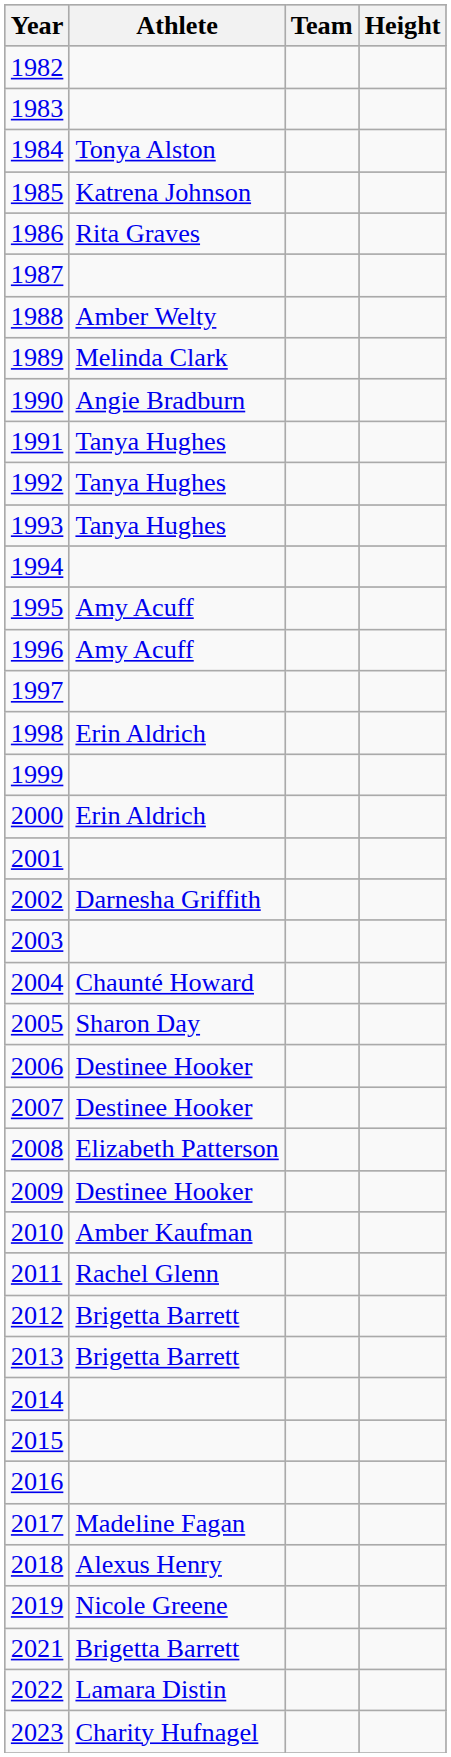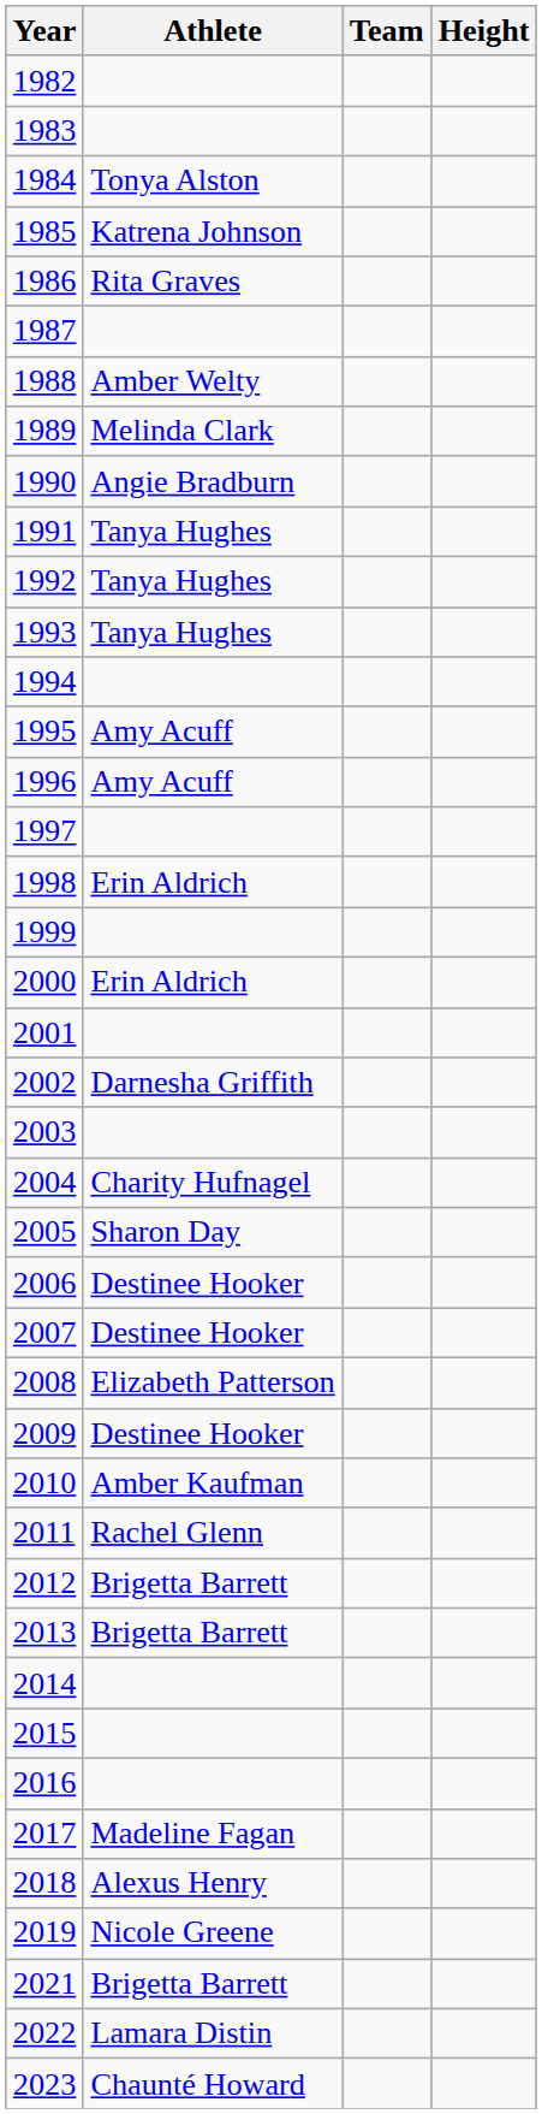 <table class="wikitable sortable">
 <tr>
 <th>Year</th>
 <th>Athlete</th>
 <th>Team</th>
 <th>Height</th>
 </tr>
 <tr>
 <td><a href='#'>1982</a></td>
 <td></td>
 <td></td>
 <td></td>
 </tr>
 <tr>
 <td><a href='#'>1983</a></td>
 <td></td>
 <td></td>
 <td></td>
 </tr>
 <tr>
 <td><a href='#'>1984</a></td>
 <td><a href='#'>Tonya Alston</a></td>
 <td></td>
 <td></td>
 </tr>
 <tr>
 <td><a href='#'>1985</a></td>
 <td><a href='#'>Katrena Johnson</a></td>
 <td></td>
 <td></td>
 </tr>
 <tr>
 <td><a href='#'>1986</a></td>
 <td><a href='#'>Rita Graves</a></td>
 <td></td>
 <td></td>
 </tr>
 <tr>
 <td><a href='#'>1987</a></td>
 <td></td>
 <td></td>
 <td></td>
 </tr>
 <tr>
 <td><a href='#'>1988</a></td>
 <td><a href='#'>Amber Welty</a></td>
 <td></td>
 <td></td>
 </tr>
 <tr>
 <td><a href='#'>1989</a></td>
 <td><a href='#'>Melinda Clark</a></td>
 <td></td>
 <td></td>
 </tr>
 <tr>
 <td><a href='#'>1990</a></td>
 <td><a href='#'>Angie Bradburn</a></td>
 <td></td>
 <td></td>
 </tr>
 <tr>
 <td><a href='#'>1991</a></td>
 <td><a href='#'>Tanya Hughes</a></td>
 <td></td>
 <td></td>
 </tr>
 <tr>
 <td><a href='#'>1992</a></td>
 <td><a href='#'>Tanya Hughes</a></td>
 <td></td>
 <td></td>
 </tr>
 <tr>
 <td><a href='#'>1993</a></td>
 <td><a href='#'>Tanya Hughes</a></td>
 <td></td>
 <td></td>
 </tr>
 <tr>
 <td><a href='#'>1994</a></td>
 <td></td>
 <td></td>
 <td></td>
 </tr>
 <tr>
 <td><a href='#'>1995</a></td>
 <td><a href='#'>Amy Acuff</a></td>
 <td></td>
 <td></td>
 </tr>
 <tr>
 <td><a href='#'>1996</a></td>
 <td><a href='#'>Amy Acuff</a></td>
 <td></td>
 <td></td>
 </tr>
 <tr>
 <td><a href='#'>1997</a></td>
 <td></td>
 <td></td>
 <td></td>
 </tr>
 <tr>
 <td><a href='#'>1998</a></td>
 <td><a href='#'>Erin Aldrich</a></td>
 <td></td>
 <td></td>
 </tr>
 <tr>
 <td><a href='#'>1999</a></td>
 <td></td>
 <td></td>
 <td></td>
 </tr>
 <tr>
 <td><a href='#'>2000</a></td>
 <td><a href='#'>Erin Aldrich</a></td>
 <td></td>
 <td></td>
 </tr>
 <tr>
 <td><a href='#'>2001</a></td>
 <td></td>
 <td></td>
 <td></td>
 </tr>
 <tr>
 <td><a href='#'>2002</a></td>
 <td><a href='#'>Darnesha Griffith</a></td>
 <td></td>
 <td></td>
 </tr>
 <tr>
 <td><a href='#'>2003</a></td>
 <td></td>
 <td></td>
 <td></td>
 </tr>
 <tr>
 <td><a href='#'>2004</a></td>
-<td><a href='#'>Chaunté Howard</a></td>
+<td><a href='#'>Charity Hufnagel</a></td>
 <td></td>
 <td></td>
 </tr>
 <tr>
 <td><a href='#'>2005</a></td>
 <td><a href='#'>Sharon Day</a></td>
 <td></td>
 <td></td>
 </tr>
 <tr>
 <td><a href='#'>2006</a></td>
 <td><a href='#'>Destinee Hooker</a></td>
 <td></td>
 <td></td>
 </tr>
 <tr>
 <td><a href='#'>2007</a></td>
 <td><a href='#'>Destinee Hooker</a></td>
 <td></td>
 <td></td>
 </tr>
 <tr>
 <td><a href='#'>2008</a></td>
 <td><a href='#'>Elizabeth Patterson</a></td>
 <td></td>
 <td></td>
 </tr>
 <tr>
 <td><a href='#'>2009</a></td>
 <td><a href='#'>Destinee Hooker</a></td>
 <td></td>
 <td></td>
 </tr>
 <tr>
 <td><a href='#'>2010</a></td>
 <td><a href='#'>Amber Kaufman</a></td>
 <td></td>
 <td></td>
 </tr>
 <tr>
 <td><a href='#'>2011</a></td>
 <td><a href='#'>Rachel Glenn</a></td>
 <td></td>
 <td></td>
 </tr>
 <tr>
 <td><a href='#'>2012</a></td>
 <td><a href='#'>Brigetta Barrett</a></td>
 <td></td>
 <td></td>
 </tr>
 <tr>
 <td><a href='#'>2013</a></td>
 <td><a href='#'>Brigetta Barrett</a></td>
 <td></td>
 <td></td>
 </tr>
 <tr>
 <td><a href='#'>2014</a></td>
 <td></td>
 <td></td>
 <td></td>
 </tr>
 <tr>
 <td><a href='#'>2015</a></td>
 <td></td>
 <td></td>
 <td></td>
 </tr>
 <tr>
 <td><a href='#'>2016</a></td>
 <td></td>
 <td></td>
 <td></td>
 </tr>
 <tr>
 <td><a href='#'>2017</a></td>
 <td><a href='#'>Madeline Fagan</a></td>
 <td></td>
 <td></td>
 </tr>
 <tr>
 <td><a href='#'>2018</a></td>
 <td><a href='#'>Alexus Henry</a></td>
 <td></td>
 <td></td>
 </tr>
 <tr>
 <td><a href='#'>2019</a></td>
 <td><a href='#'>Nicole Greene</a></td>
 <td></td>
 <td></td>
 </tr>
 <tr>
 <td><a href='#'>2021</a></td>
 <td><a href='#'>Brigetta Barrett</a></td>
 <td></td>
 <td></td>
 </tr>
 <tr>
 <td><a href='#'>2022</a></td>
 <td><a href='#'>Lamara Distin</a></td>
 <td></td>
 <td></td>
 </tr>
 <tr>
 <td><a href='#'>2023</a></td>
-<td><a href='#'>Charity Hufnagel</a></td>
+<td><a href='#'>Chaunté Howard</a></td>
 <td></td>
 <td></td>
 </tr>
 </table>
